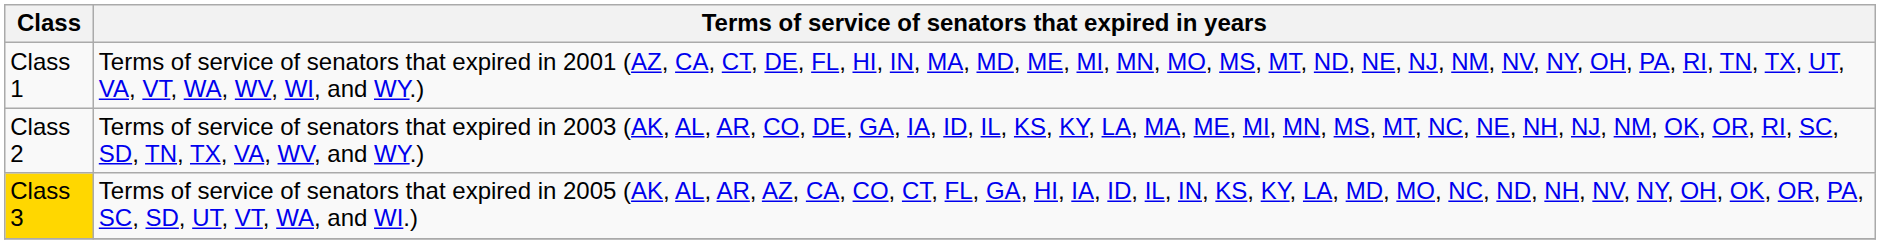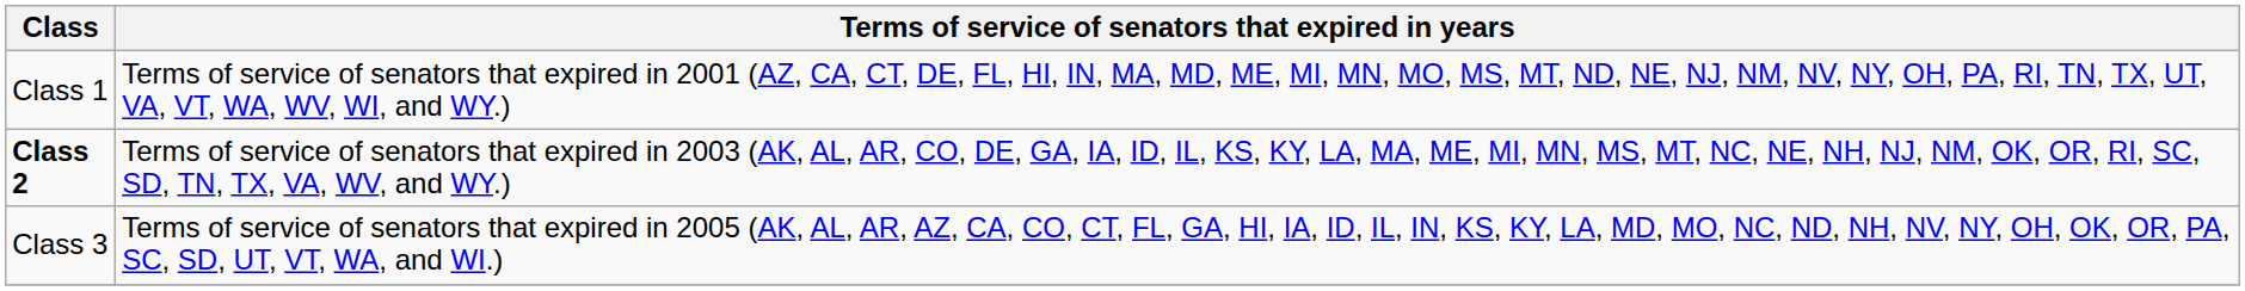 <table class="wikitable sortable">
 <tr valign=bottom>
 <th>Class</th>
 <th>Terms of service of senators that expired in years</th>
 </tr>
 <tr>
 <td>Class 1</td>
 <td>Terms of service of senators that expired in 2001 (<a href='#'>AZ</a>, <a href='#'>CA</a>, <a href='#'>CT</a>, <a href='#'>DE</a>, <a href='#'>FL</a>, <a href='#'>HI</a>, <a href='#'>IN</a>, <a href='#'>MA</a>, <a href='#'>MD</a>, <a href='#'>ME</a>, <a href='#'>MI</a>, <a href='#'>MN</a>, <a href='#'>MO</a>, <a href='#'>MS</a>, <a href='#'>MT</a>, <a href='#'>ND</a>, <a href='#'>NE</a>, <a href='#'>NJ</a>, <a href='#'>NM</a>, <a href='#'>NV</a>, <a href='#'>NY</a>, <a href='#'>OH</a>, <a href='#'>PA</a>, <a href='#'>RI</a>, <a href='#'>TN</a>, <a href='#'>TX</a>, <a href='#'>UT</a>, <a href='#'>VA</a>, <a href='#'>VT</a>, <a href='#'>WA</a>, <a href='#'>WV</a>, <a href='#'>WI</a>, and <a href='#'>WY</a>.)</td>
 </tr>
 <tr>
-<td>Class 2</td>
+<td><strong>Class 2</strong></td>
 <td>Terms of service of senators that expired in 2003 (<a href='#'>AK</a>, <a href='#'>AL</a>, <a href='#'>AR</a>, <a href='#'>CO</a>, <a href='#'>DE</a>, <a href='#'>GA</a>, <a href='#'>IA</a>, <a href='#'>ID</a>, <a href='#'>IL</a>, <a href='#'>KS</a>, <a href='#'>KY</a>, <a href='#'>LA</a>, <a href='#'>MA</a>, <a href='#'>ME</a>, <a href='#'>MI</a>, <a href='#'>MN</a>, <a href='#'>MS</a>, <a href='#'>MT</a>, <a href='#'>NC</a>, <a href='#'>NE</a>, <a href='#'>NH</a>, <a href='#'>NJ</a>, <a href='#'>NM</a>, <a href='#'>OK</a>, <a href='#'>OR</a>, <a href='#'>RI</a>, <a href='#'>SC</a>, <a href='#'>SD</a>, <a href='#'>TN</a>, <a href='#'>TX</a>, <a href='#'>VA</a>, <a href='#'>WV</a>, and <a href='#'>WY</a>.)</td>
 </tr>
 <tr>
-<td style="background: gold;">Class 3</td>
+<td>Class 3</td>
 <td>Terms of service of senators that expired in 2005  (<a href='#'>AK</a>, <a href='#'>AL</a>, <a href='#'>AR</a>, <a href='#'>AZ</a>, <a href='#'>CA</a>, <a href='#'>CO</a>, <a href='#'>CT</a>, <a href='#'>FL</a>, <a href='#'>GA</a>, <a href='#'>HI</a>, <a href='#'>IA</a>, <a href='#'>ID</a>, <a href='#'>IL</a>, <a href='#'>IN</a>, <a href='#'>KS</a>, <a href='#'>KY</a>, <a href='#'>LA</a>, <a href='#'>MD</a>, <a href='#'>MO</a>, <a href='#'>NC</a>, <a href='#'>ND</a>, <a href='#'>NH</a>, <a href='#'>NV</a>, <a href='#'>NY</a>, <a href='#'>OH</a>, <a href='#'>OK</a>, <a href='#'>OR</a>, <a href='#'>PA</a>, <a href='#'>SC</a>, <a href='#'>SD</a>, <a href='#'>UT</a>, <a href='#'>VT</a>, <a href='#'>WA</a>, and <a href='#'>WI</a>.)</td>
 </tr>
 <tr>
 </tr>
 </table>
